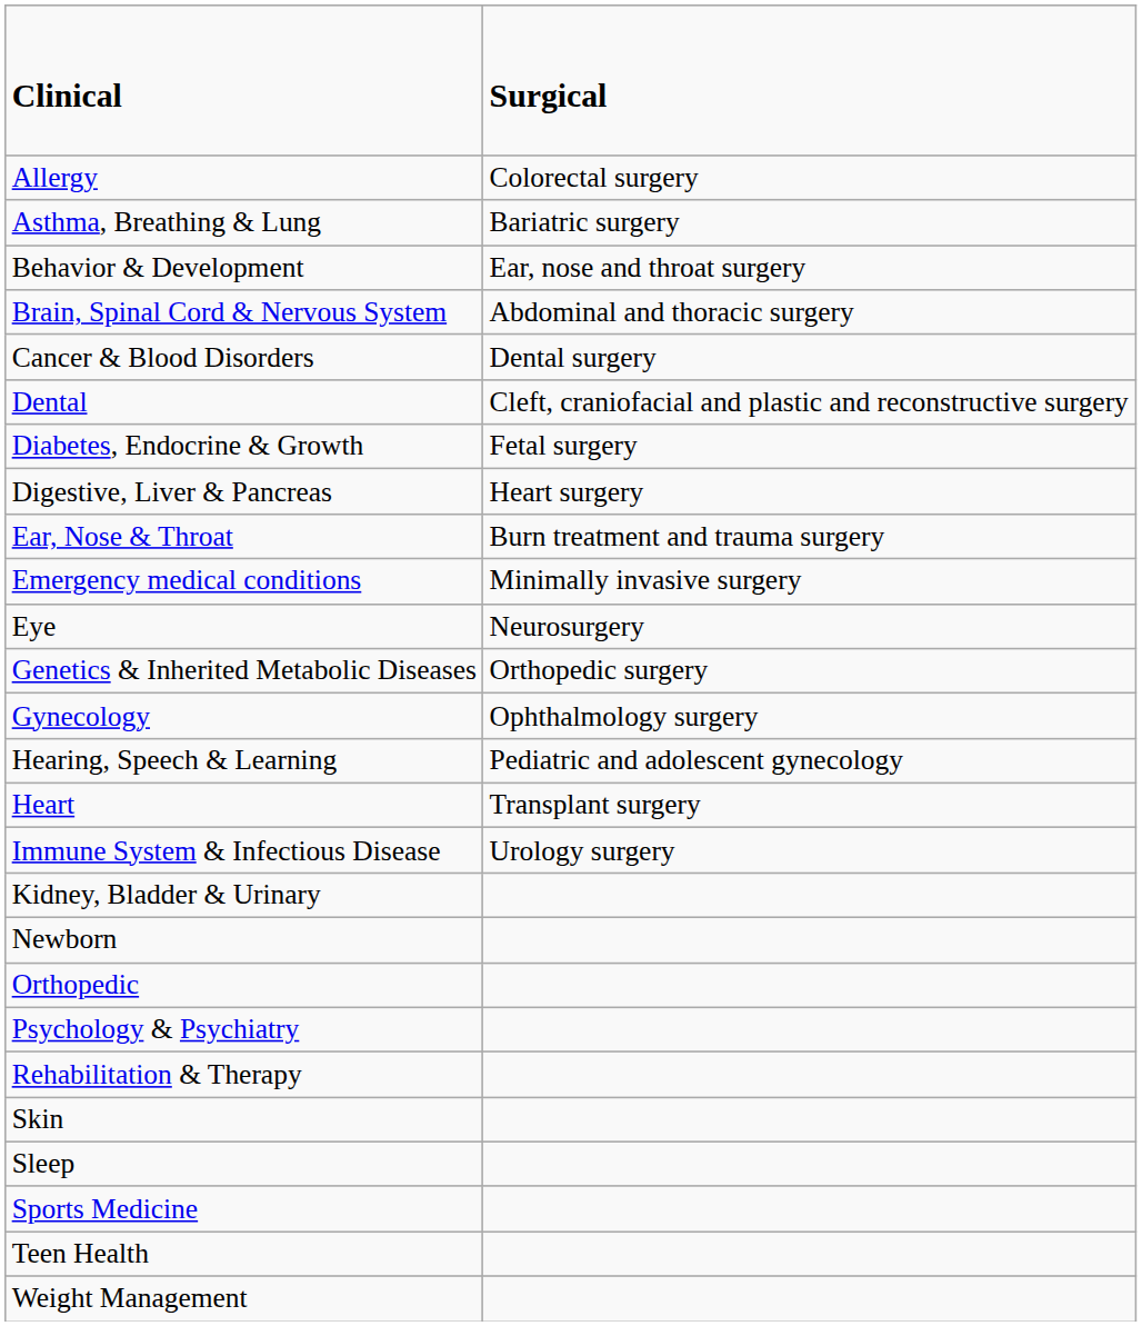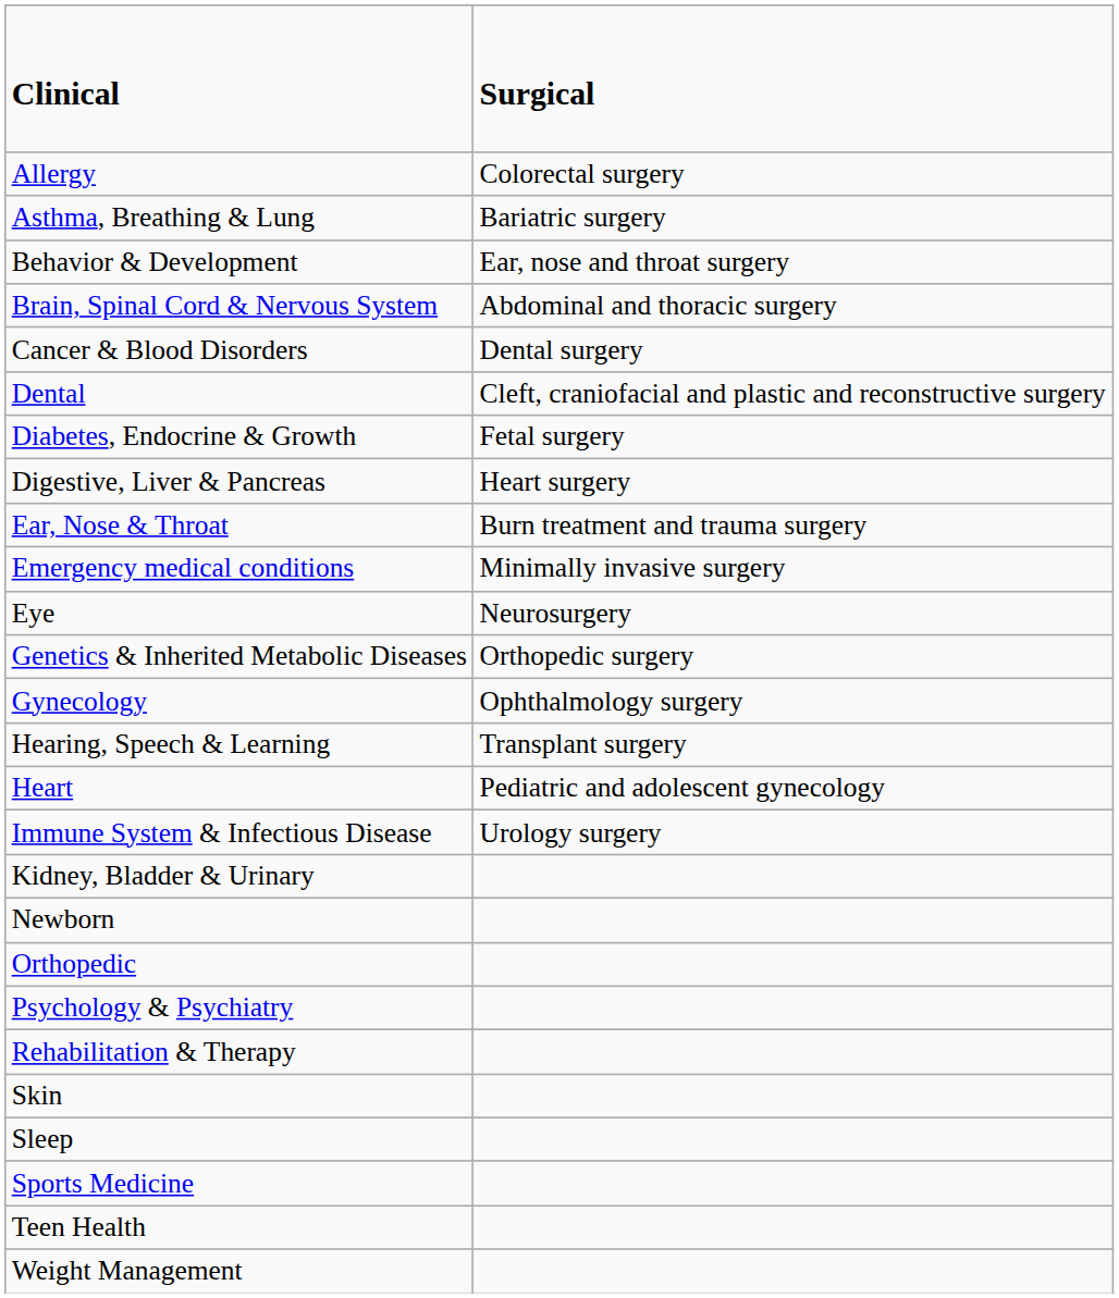 <table class="wikitable">
 <tr>
 <td><br><h3>Clinical</h3></td>
 <td><br><h3>Surgical</h3></td>
 </tr>
 <tr>
 <td><a href='#'>Allergy</a></td>
 <td>Colorectal surgery</td>
 </tr>
 <tr>
 <td><a href='#'>Asthma</a>, Breathing & Lung</td>
 <td>Bariatric surgery</td>
 </tr>
 <tr>
 <td>Behavior & Development</td>
 <td>Ear, nose and throat surgery</td>
 </tr>
 <tr>
 <td><a href='#'>Brain, Spinal Cord & Nervous System</a></td>
 <td>Abdominal and thoracic surgery</td>
 </tr>
 <tr>
 <td>Cancer & Blood Disorders</td>
 <td>Dental surgery</td>
 </tr>
 <tr>
 <td><a href='#'>Dental</a></td>
 <td>Cleft, craniofacial and plastic and reconstructive surgery</td>
 </tr>
 <tr>
 <td><a href='#'>Diabetes</a>, Endocrine & Growth</td>
 <td>Fetal surgery</td>
 </tr>
 <tr>
 <td>Digestive, Liver & Pancreas</td>
 <td>Heart surgery</td>
 </tr>
 <tr>
 <td><a href='#'>Ear, Nose & Throat</a></td>
 <td>Burn treatment and trauma surgery</td>
 </tr>
 <tr>
 <td><a href='#'>Emergency medical conditions</a></td>
 <td>Minimally invasive surgery</td>
 </tr>
 <tr>
 <td>Eye</td>
 <td>Neurosurgery</td>
 </tr>
 <tr>
 <td><a href='#'>Genetics</a> & Inherited Metabolic Diseases</td>
 <td>Orthopedic surgery</td>
 </tr>
 <tr>
 <td><a href='#'>Gynecology</a></td>
 <td>Ophthalmology surgery</td>
 </tr>
 <tr>
 <td>Hearing, Speech & Learning</td>
-<td>Pediatric and adolescent gynecology</td>
+<td>Transplant surgery</td>
 </tr>
 <tr>
 <td><a href='#'>Heart</a></td>
-<td>Transplant surgery</td>
+<td>Pediatric and adolescent gynecology</td>
 </tr>
 <tr>
 <td><a href='#'>Immune System</a> & Infectious Disease</td>
 <td>Urology surgery</td>
 </tr>
 <tr>
 <td>Kidney, Bladder & Urinary</td>
 <td></td>
 </tr>
 <tr>
 <td>Newborn</td>
 <td></td>
 </tr>
 <tr>
 <td><a href='#'>Orthopedic</a></td>
 <td></td>
 </tr>
 <tr>
 <td><a href='#'>Psychology</a> & <a href='#'>Psychiatry</a></td>
 <td></td>
 </tr>
 <tr>
 <td><a href='#'>Rehabilitation</a> & Therapy</td>
 <td></td>
 </tr>
 <tr>
 <td>Skin</td>
 <td></td>
 </tr>
 <tr>
 <td>Sleep</td>
 <td></td>
 </tr>
 <tr>
 <td><a href='#'>Sports Medicine</a></td>
 <td></td>
 </tr>
 <tr>
 <td>Teen Health</td>
 <td></td>
 </tr>
 <tr>
 <td>Weight Management</td>
 <td></td>
 </tr>
 </table>
